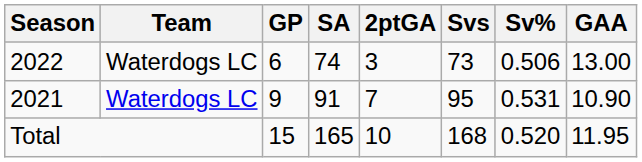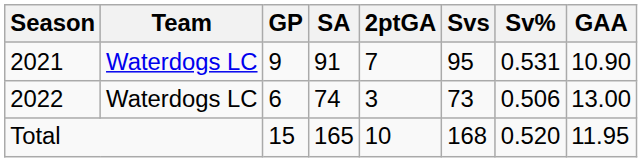 <table class="wikitable">
 <tr>
 <th>Season</th>
 <th>Team</th>
 <th>GP</th>
 <th>SA</th>
 <th>2ptGA</th>
 <th>Svs</th>
 <th>Sv%</th>
 <th>GAA</th>
 </tr>
 <tr>
+<td>2021</td>
+<td><a href='#'>Waterdogs LC</a></td>
+<td>9</td>
+<td>91</td>
+<td>7</td>
+<td>95</td>
+<td>0.531</td>
+<td>10.90</td>
+</tr>
+<tr>
 <td>2022</td>
 <td>Waterdogs LC</td>
 <td>6</td>
 <td>74</td>
 <td>3</td>
 <td>73</td>
 <td>0.506</td>
 <td>13.00</td>
-</tr>
-<tr>
-<td>2021</td>
-<td><a href='#'>Waterdogs LC</a></td>
-<td>9</td>
-<td>91</td>
-<td>7</td>
-<td>95</td>
-<td>0.531</td>
-<td>10.90</td>
 </tr>
 <tr>
 <td colspan="2">Total</td>
 <td>15</td>
 <td>165</td>
 <td>10</td>
 <td>168</td>
 <td>0.520</td>
 <td>11.95</td>
 </tr>
 </table>
